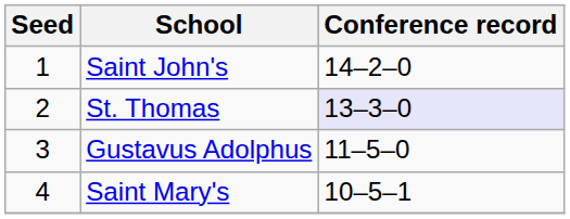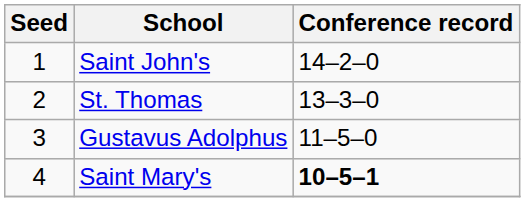 <table class="wikitable">
 <tr>
 <th>Seed</th>
 <th>School</th>
 <th>Conference record</th>
 </tr>
 <tr>
 <td align=center>1</td>
 <td><a href='#'>Saint John's</a></td>
 <td>14–2–0</td>
 </tr>
 <tr>
 <td align=center>2</td>
 <td><a href='#'>St. Thomas</a></td>
-<td style="background: lavender;">13–3–0</td>
+<td>13–3–0</td>
 </tr>
 <tr>
 <td align=center>3</td>
 <td><a href='#'>Gustavus Adolphus</a></td>
 <td>11–5–0</td>
 </tr>
 <tr>
 <td align=center>4</td>
 <td><a href='#'>Saint Mary's</a></td>
-<td>10–5–1</td>
+<td><strong>10–5–1</strong></td>
 </tr>
 <tr>
 </tr>
 </table>
